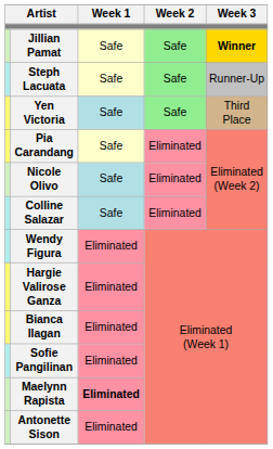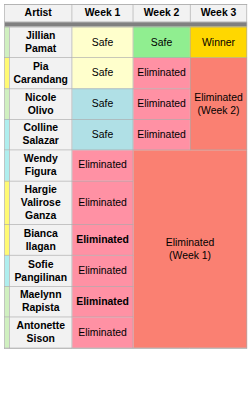 <table class="wikitable" style="text-align:center; line-height:20px; width:60%">
 <tr>
 </tr>
 <tr>
 <th colspan="2">Artist</th>
 <th width="15%">Week 1</th>
 <th width="15%">Week 2</th>
 <th width="15%">Week 3</th>
 </tr>
 <tr>
 <td colspan="5" style="background:grey;"></td>
 </tr>
 <tr>
 <th width="01%" style="background:#d0f0c0;"></th>
 <th width="15%">Jillian Pamat</th>
 <td style="background:#FFFFCC;">Safe</td>
 <td style="background:lightgreen">Safe</td>
-<td style="background:gold;"><strong>Winner</strong></td>
-</tr>
-<tr>
-<th width="01%" style="background:#afeeee;"></th>
-<th width="15%">Steph Lacuata</th>
-<td style="background:#FFFFCC;">Safe</td>
-<td style="background:lightgreen">Safe</td>
-<td style="background:silver;">Runner-Up</td>
-</tr>
-<tr>
-<th width="01%" style="background:#fffa73;"></th>
-<th width="15%">Yen Victoria</th>
-<td style="background:#b0e0e6;">Safe</td>
-<td style="background:lightgreen">Safe</td>
-<td style="background:tan;">Third Place</td>
+<td style="background:gold;">Winner</td>
 </tr>
 <tr>
 <th width="01%" style="background:#fffa73;"></th>
 <th width="15%">Pia Carandang</th>
 <td style="background:#FFFFCC;">Safe</td>
 <td style="background:#FF91A4">Eliminated</td>
 <td rowspan="3" style="background:#FA8072;">Eliminated<br>(Week 2)</td>
 </tr>
 <tr>
 <th width="01%" style="background:#d0f0c0;"></th>
 <th width="15%">Nicole Olivo</th>
 <td style="background:#b0e0e6;">Safe</td>
 <td style="background:#FF91A4">Eliminated</td>
 </tr>
 <tr>
 <th width="01%" style="background:#afeeee;"></th>
 <th width="15%">Colline Salazar</th>
 <td style="background:#b0e0e6;">Safe</td>
 <td style="background:#FF91A4">Eliminated</td>
 </tr>
 <tr>
 <th width="01%" style="background:#afeeee;"></th>
 <th width="15%">Wendy Figura</th>
 <td style="background:#FF91A4">Eliminated</td>
 <td rowspan="6" colspan="2" style="background:#FA8072;">Eliminated<br>(Week 1)</td>
 </tr>
 <tr>
 <th width="01%" style="background:#fffa73;"></th>
 <th width="15%">Hargie Valirose Ganza</th>
 <td style="background:#FF91A4">Eliminated</td>
 </tr>
 <tr>
 <th width="01%" style="background:#fffa73;"></th>
 <th width="15%">Bianca Ilagan</th>
-<td style="background:#FF91A4">Eliminated</td>
+<td style="background:#FF91A4"><strong>Eliminated</strong></td>
 </tr>
 <tr>
 <th width="01%" style="background:#afeeee;"></th>
 <th width="15%">Sofie Pangilinan</th>
 <td style="background:#FF91A4">Eliminated</td>
 </tr>
 <tr>
 <th width="01%" style="background:#d0f0c0;"></th>
 <th width="15%">Maelynn Rapista</th>
 <td style="background:#FF91A4"><strong>Eliminated</strong></td>
 </tr>
 <tr>
 <th width="01%" style="background:#d0f0c0;"></th>
 <th width="15%">Antonette Sison</th>
 <td style="background:#FF91A4">Eliminated</td>
 </tr>
 <tr>
 </tr>
 </table>
